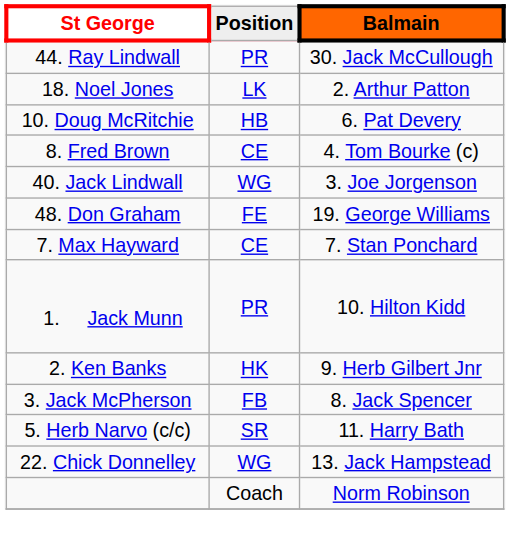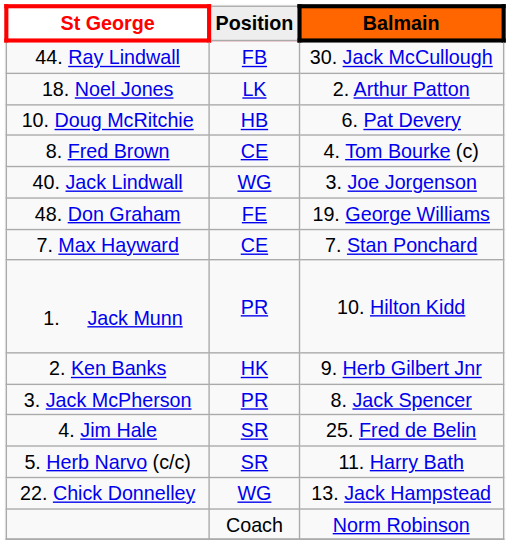 <table align="right" class="wikitable" style="font-size:90%; margin-left:1em">
 <tr bgcolor="#FF0033">
 <th style="width:140px; border:3px solid red; background: white; color: red">St George</th>
 <th style="width:40px; text-align:center; background:#eee; color:black;">Position</th>
 <th style="width:140px; border:3px solid black; background: #f60; color: black">Balmain</th>
 </tr>
 <tr align=center>
 <td>44. <a href='#'>Ray Lindwall</a></td>
-<td><a href='#'>PR</a></td>
+<td><a href='#'>FB</a></td>
 <td>30. <a href='#'>Jack McCullough</a></td>
 </tr>
 <tr align=center>
 <td>18. <a href='#'>Noel Jones</a></td>
 <td><a href='#'>LK</a></td>
 <td>2. <a href='#'>Arthur Patton</a></td>
 </tr>
 <tr align=center>
 <td>10. <a href='#'>Doug McRitchie</a></td>
 <td><a href='#'>HB</a></td>
 <td>6. <a href='#'>Pat Devery</a></td>
 </tr>
 <tr align=center>
 <td>8. <a href='#'>Fred Brown</a></td>
 <td><a href='#'>CE</a></td>
 <td>4. <a href='#'>Tom Bourke</a> (c)</td>
 </tr>
 <tr align=center>
 <td>40. <a href='#'>Jack Lindwall</a></td>
 <td><a href='#'>WG</a></td>
 <td>3. <a href='#'>Joe Jorgenson</a></td>
 </tr>
 <tr align=center>
 <td>48. <a href='#'>Don Graham</a></td>
 <td><a href='#'>FE</a></td>
 <td>19. <a href='#'>George Williams</a></td>
 </tr>
 <tr align=center>
 <td>7. <a href='#'>Max Hayward</a></td>
 <td><a href='#'>CE</a></td>
 <td>7. <a href='#'>Stan Ponchard</a></td>
 </tr>
 <tr align=center>
 <td><br><ol><li><a href='#'>Jack Munn</a></li></ol></td>
 <td><a href='#'>PR</a></td>
 <td>10. <a href='#'>Hilton Kidd</a></td>
 </tr>
 <tr align=center>
 <td>2. <a href='#'>Ken Banks</a></td>
 <td><a href='#'>HK</a></td>
 <td>9. <a href='#'>Herb Gilbert Jnr</a></td>
 </tr>
 <tr align=center>
 <td>3. <a href='#'>Jack McPherson</a></td>
-<td><a href='#'>FB</a></td>
+<td><a href='#'>PR</a></td>
 <td>8. <a href='#'>Jack Spencer</a></td>
+</tr>
+<tr align=center>
+<td>4. <a href='#'>Jim Hale</a></td>
+<td><a href='#'>SR</a></td>
+<td>25. <a href='#'>Fred de Belin</a></td>
 </tr>
 <tr align=center>
 <td>5. <a href='#'>Herb Narvo</a> (c/c)</td>
 <td><a href='#'>SR</a></td>
 <td>11. <a href='#'>Harry Bath</a></td>
 </tr>
 <tr align=center>
 <td>22. <a href='#'>Chick Donnelley</a></td>
 <td><a href='#'>WG</a></td>
 <td>13. <a href='#'>Jack Hampstead</a></td>
 </tr>
 <tr align=center>
 <td></td>
 <td>Coach</td>
 <td><a href='#'>Norm Robinson</a></td>
 </tr>
 <tr>
 </tr>
 </table>
